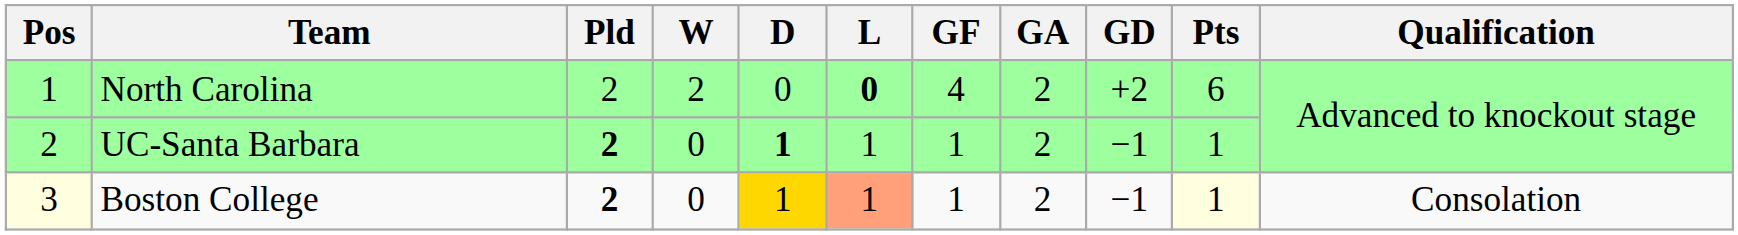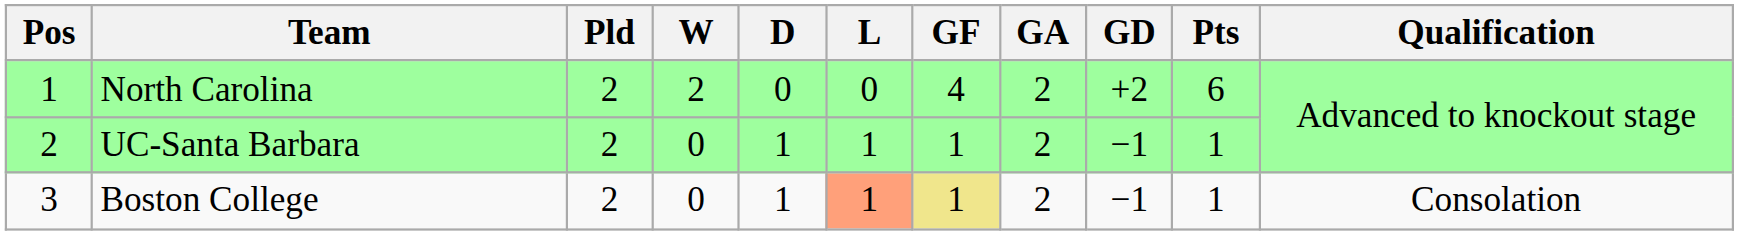 <table class="wikitable" style="text-align:center; margin: 1em auto">
 <tr>
 <th style="width:2em">Pos</th>
 <th style="width:13em">Team</th>
 <th style="width:2em">Pld</th>
 <th style="width:2em">W</th>
 <th style="width:2em">D</th>
 <th style="width:2em">L</th>
 <th style="width:2em">GF</th>
 <th style="width:2em">GA</th>
 <th style="width:2em">GD</th>
 <th style="width:2em">Pts</th>
 <th style="width:13em">Qualification</th>
 </tr>
 <tr bgcolor="#9eff9e">
 <td>1</td>
 <td style="text-align:left">North Carolina</td>
 <td>2</td>
 <td>2</td>
 <td>0</td>
-<td><strong>0</strong></td>
+<td>0</td>
 <td>4</td>
 <td>2</td>
 <td>+2</td>
 <td>6</td>
 <td rowspan="2">Advanced to knockout stage</td>
 </tr>
 <tr bgcolor="#9eff9e">
 <td>2</td>
 <td style="text-align:left">UC-Santa Barbara</td>
-<td><strong>2</strong></td>
+<td>2</td>
 <td>0</td>
-<td><strong>1</strong></td>
+<td>1</td>
 <td>1</td>
 <td>1</td>
 <td>2</td>
 <td>−1</td>
 <td>1</td>
 </tr>
 <tr>
-<td style="background: lightyellow;">3</td>
+<td>3</td>
 <td style="text-align:left">Boston College</td>
-<td><strong>2</strong></td>
+<td>2</td>
 <td>0</td>
-<td style="background: gold;">1</td>
+<td>1</td>
 <td style="background: lightsalmon;">1</td>
-<td>1</td>
+<td style="background: khaki;">1</td>
 <td>2</td>
 <td>−1</td>
-<td style="background: lightyellow;">1</td>
+<td>1</td>
 <td>Consolation</td>
 </tr>
 </table>
